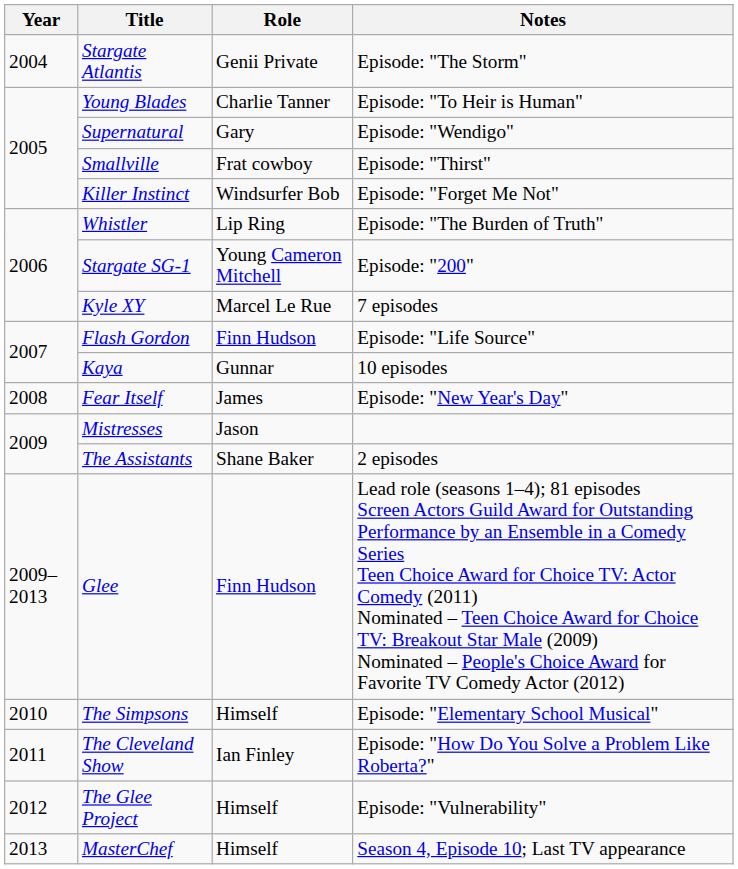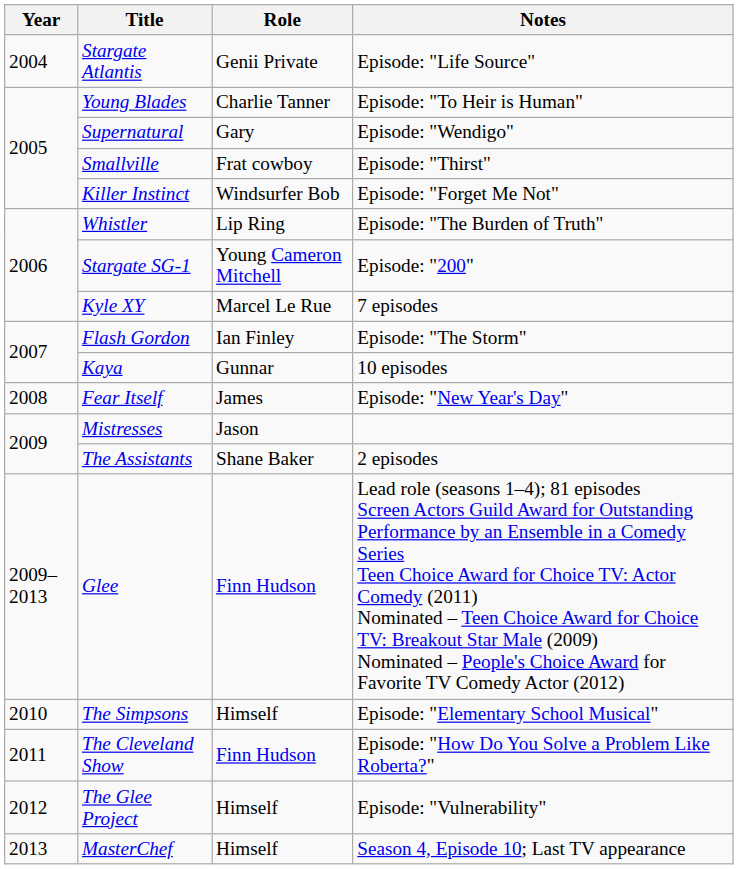 <table class="wikitable sortable">
 <tr>
 <th>Year</th>
 <th>Title</th>
 <th>Role</th>
 <th class="unsortable">Notes</th>
 </tr>
 <tr>
 <td>2004</td>
 <td><em><a href='#'>Stargate Atlantis</a></em></td>
 <td>Genii Private</td>
-<td>Episode: "The Storm"</td>
+<td>Episode: "Life Source"</td>
 </tr>
 <tr>
 <td rowspan="4">2005</td>
 <td><em><a href='#'>Young Blades</a></em></td>
 <td>Charlie Tanner</td>
 <td>Episode: "To Heir is Human"</td>
 </tr>
 <tr>
 <td><em><a href='#'>Supernatural</a></em></td>
 <td>Gary</td>
 <td>Episode: "Wendigo"</td>
 </tr>
 <tr>
 <td><em><a href='#'>Smallville</a></em></td>
 <td>Frat cowboy</td>
 <td>Episode: "Thirst"</td>
 </tr>
 <tr>
 <td><em><a href='#'>Killer Instinct</a></em></td>
 <td>Windsurfer Bob</td>
 <td>Episode: "Forget Me Not"</td>
 </tr>
 <tr>
 <td rowspan="3">2006</td>
 <td><em><a href='#'>Whistler</a></em></td>
 <td>Lip Ring</td>
 <td>Episode: "The Burden of Truth"</td>
 </tr>
 <tr>
 <td><em><a href='#'>Stargate SG-1</a></em></td>
 <td>Young <a href='#'>Cameron Mitchell</a></td>
 <td>Episode: "<a href='#'>200</a>"</td>
 </tr>
 <tr>
 <td><em><a href='#'>Kyle XY</a></em></td>
 <td>Marcel Le Rue</td>
 <td>7 episodes</td>
 </tr>
 <tr>
 <td rowspan="2">2007</td>
 <td><em><a href='#'>Flash Gordon</a></em></td>
-<td><a href='#'>Finn Hudson</a></td>
-<td>Episode: "Life Source"</td>
+<td>Ian Finley</td>
+<td>Episode: "The Storm"</td>
 </tr>
 <tr>
 <td><em><a href='#'>Kaya</a></em></td>
 <td>Gunnar</td>
 <td>10 episodes</td>
 </tr>
 <tr>
 <td>2008</td>
 <td><em><a href='#'>Fear Itself</a></em></td>
 <td>James</td>
 <td>Episode: "<a href='#'>New Year's Day</a>"</td>
 </tr>
 <tr>
 <td rowspan="2">2009</td>
 <td><em><a href='#'>Mistresses</a></em></td>
 <td>Jason</td>
 <td></td>
 </tr>
 <tr>
 <td data-sort-value="Assistants, The"><em><a href='#'>The Assistants</a></em></td>
 <td>Shane Baker</td>
 <td>2 episodes</td>
 </tr>
 <tr>
 <td>2009–2013</td>
 <td><em><a href='#'>Glee</a></em></td>
 <td><a href='#'>Finn Hudson</a></td>
 <td>Lead role (seasons 1–4); 81 episodes<br><a href='#'>Screen Actors Guild Award for Outstanding Performance by an Ensemble in a Comedy Series</a><br><a href='#'>Teen Choice Award for Choice TV: Actor Comedy</a> (2011)<br>Nominated – <a href='#'>Teen Choice Award for Choice TV: Breakout Star Male</a> (2009)<br>Nominated – <a href='#'>People's Choice Award</a> for Favorite TV Comedy Actor (2012)</td>
 </tr>
 <tr>
 <td>2010</td>
 <td data-sort-value="Simpsons, The"><em><a href='#'>The Simpsons</a></em></td>
 <td>Himself</td>
 <td>Episode: "<a href='#'>Elementary School Musical</a>"</td>
 </tr>
 <tr>
 <td>2011</td>
 <td data-sort-value="Cleveland Show, The"><em><a href='#'>The Cleveland Show</a></em></td>
-<td>Ian Finley</td>
+<td><a href='#'>Finn Hudson</a></td>
 <td>Episode: "<a href='#'>How Do You Solve a Problem Like Roberta?</a>"</td>
 </tr>
 <tr>
 <td>2012</td>
 <td data-sort-value="Glee Project, The"><em><a href='#'>The Glee Project</a></em></td>
 <td>Himself</td>
 <td>Episode: "Vulnerability"</td>
 </tr>
 <tr>
 <td>2013</td>
 <td><em><a href='#'>MasterChef</a></em></td>
 <td>Himself</td>
 <td><a href='#'>Season 4, Episode 10</a>; Last TV appearance</td>
 </tr>
 </table>
